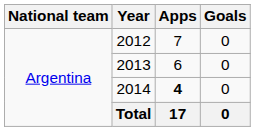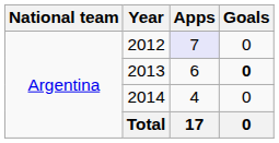 <table class="wikitable" style="text-align:center">
 <tr>
 <th>National team</th>
 <th>Year</th>
 <th>Apps</th>
 <th>Goals</th>
 </tr>
 <tr>
 <td rowspan="4"><a href='#'>Argentina</a></td>
 <td>2012</td>
-<td>7</td>
+<td style="background: lavender;">7</td>
 <td>0</td>
 </tr>
 <tr>
 <td>2013</td>
 <td>6</td>
-<td>0</td>
+<td><strong>0</strong></td>
 </tr>
 <tr>
 <td>2014</td>
-<td><strong>4</strong></td>
+<td>4</td>
 <td>0</td>
 </tr>
 <tr>
 <th>Total</th>
 <th>17</th>
 <th>0</th>
 </tr>
 </table>
